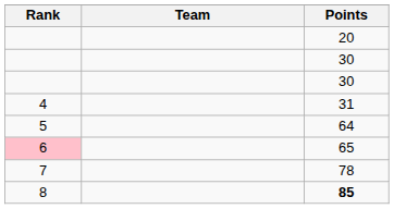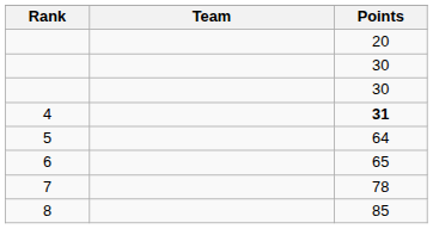 <table class="wikitable" width=50%>
 <tr>
 </tr>
 <tr>
 <th width=10%>Rank</th>
 <th width=30%>Team</th>
 <th width=10%>Points</th>
 </tr>
 <tr align="center">
 <td></td>
 <td align="left"></td>
 <td>20</td>
 </tr>
 <tr align="center">
 <td></td>
 <td align="left"></td>
 <td>30</td>
 </tr>
 <tr align="center">
 <td></td>
 <td align="left"></td>
 <td>30</td>
 </tr>
 <tr align="center">
 <td>4</td>
 <td align="left"></td>
-<td>31</td>
+<td><strong>31</strong></td>
 </tr>
 <tr align="center">
 <td>5</td>
 <td align="left"></td>
 <td>64</td>
 </tr>
 <tr align="center">
-<td style="background: pink;">6</td>
+<td>6</td>
 <td align="left"></td>
 <td>65</td>
 </tr>
 <tr align="center">
 <td>7</td>
 <td align="left"></td>
 <td>78</td>
 </tr>
 <tr align="center">
 <td>8</td>
 <td align="left"></td>
-<td><strong>85</strong></td>
+<td>85</td>
 </tr>
 </table>
